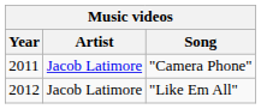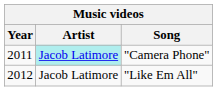 <table class="wikitable">
 <tr>
 <th colspan="3">Music videos</th>
 </tr>
 <tr>
 <th>Year</th>
 <th>Artist</th>
 <th>Song</th>
 </tr>
 <tr>
 <td>2011</td>
-<td><a href='#'>Jacob Latimore</a></td>
+<td style="background: paleturquoise;"><a href='#'>Jacob Latimore</a></td>
 <td>"Camera Phone"</td>
 </tr>
 <tr>
 <td>2012</td>
 <td>Jacob Latimore</td>
 <td>"Like Em All"</td>
 </tr>
 </table>
